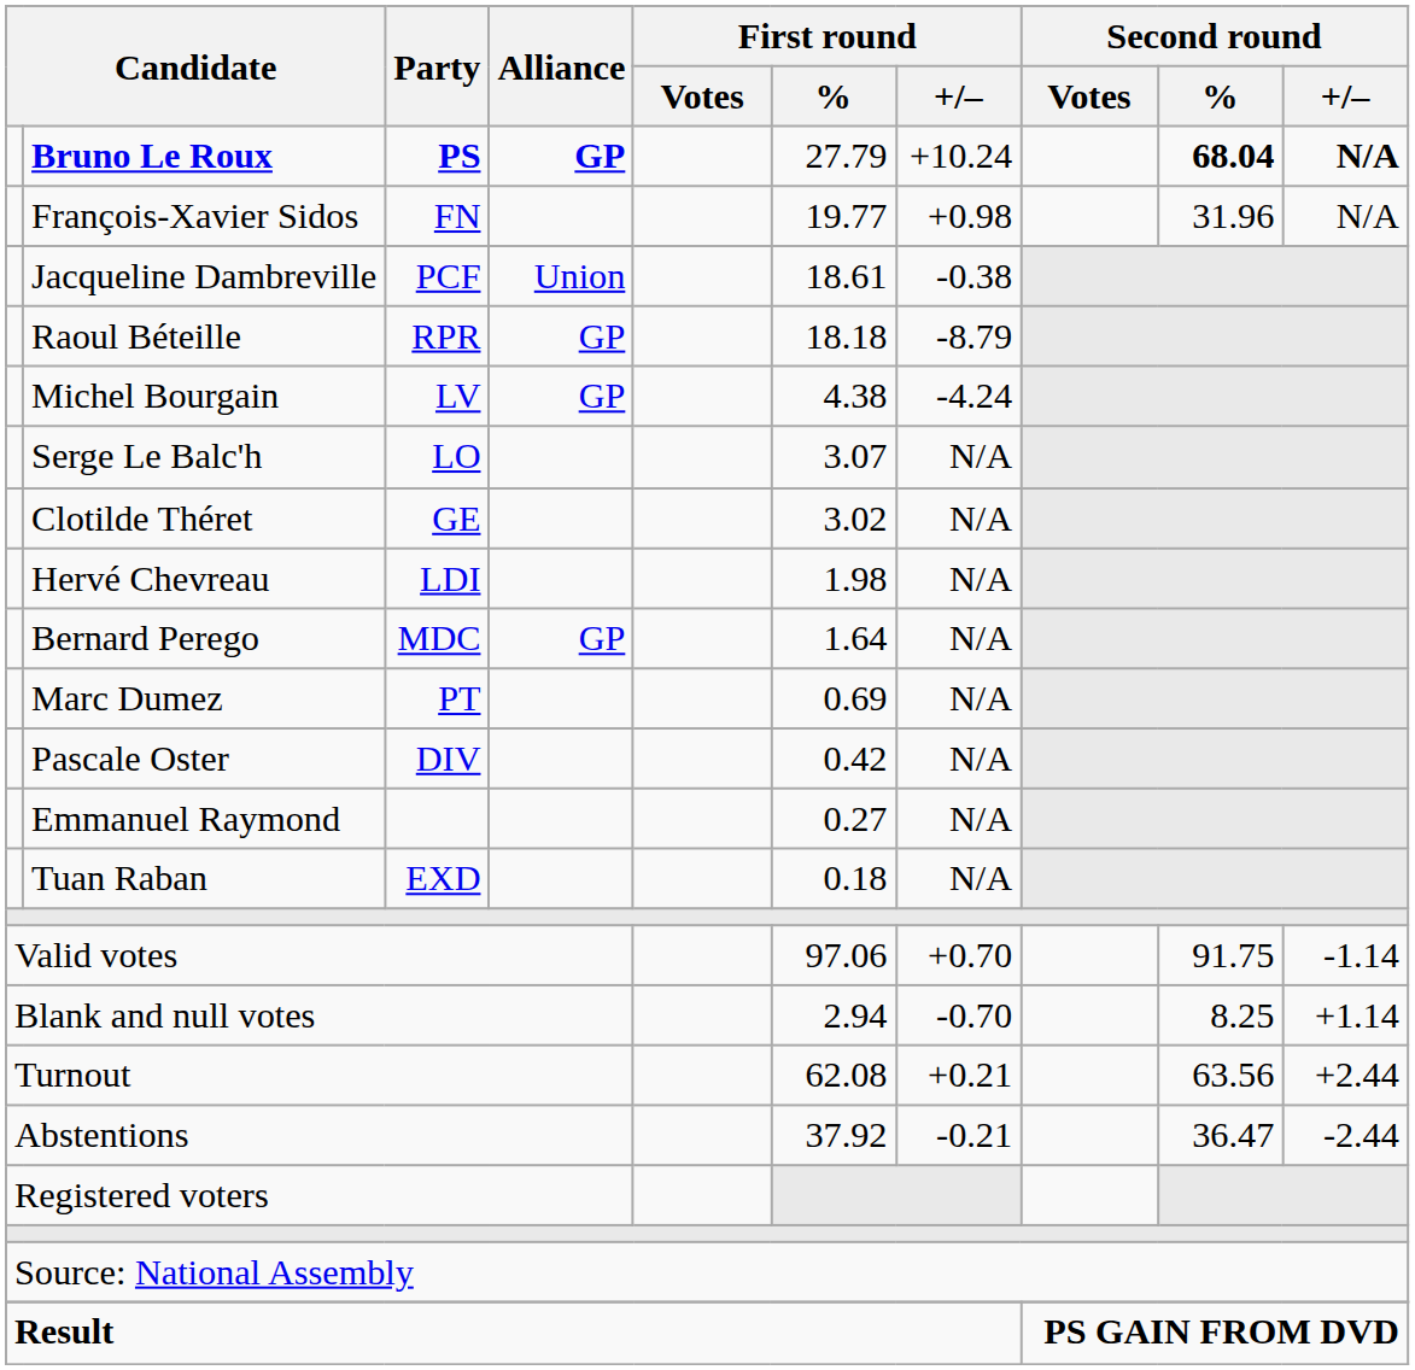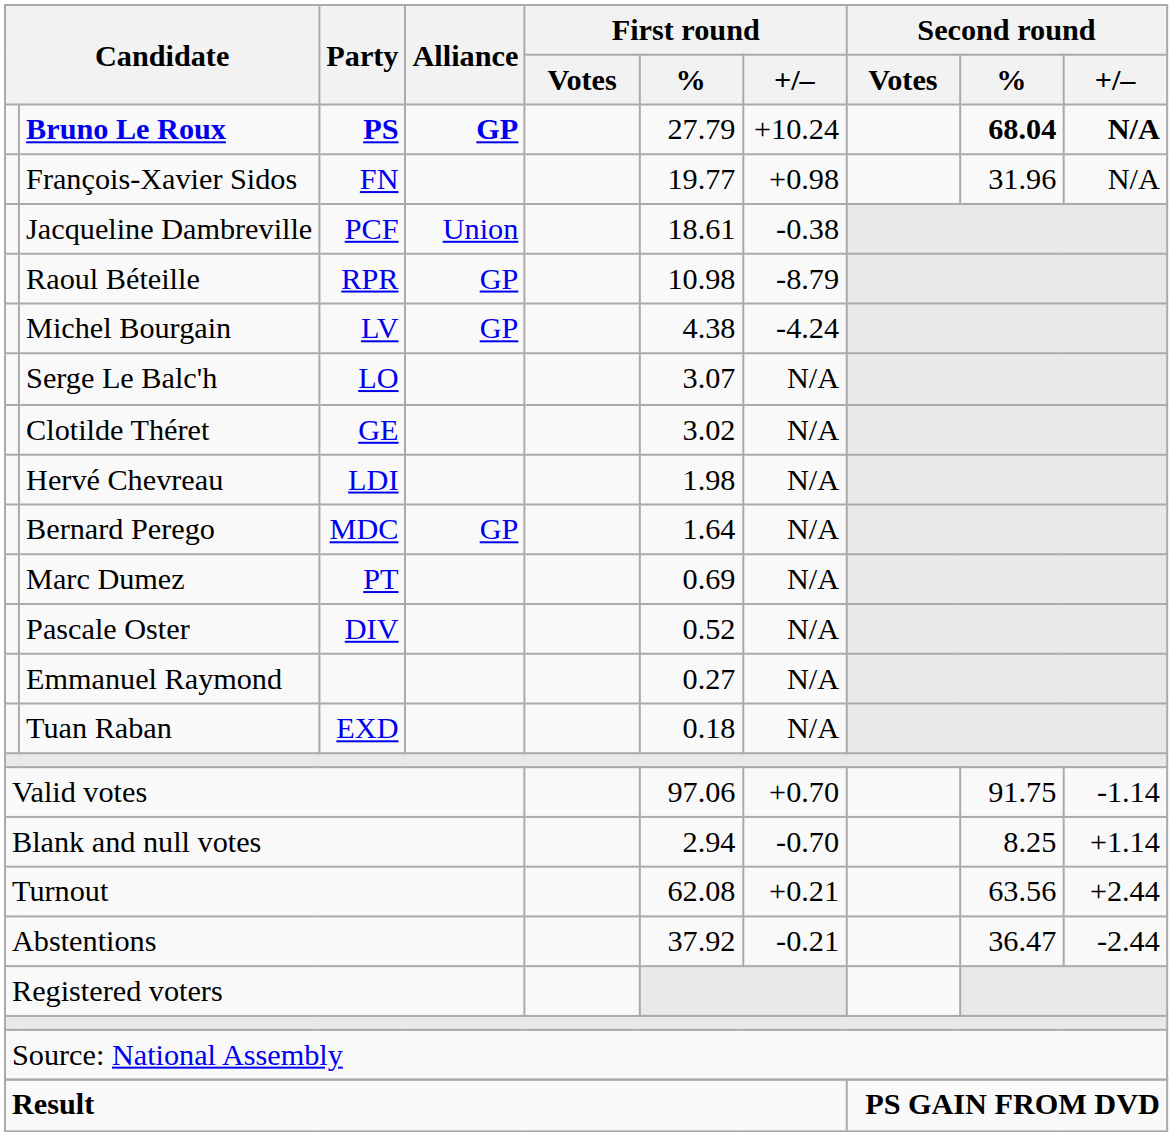 <table class="wikitable" style="text-align:right;font-size:95%;">
 <tr>
 <th rowspan="2" colspan="2">Candidate</th>
 <th rowspan="2">Party</th>
 <th rowspan="2">Alliance</th>
 <th colspan="3">First round</th>
 <th colspan="3">Second round</th>
 </tr>
 <tr>
 <th style="width:50px;">Votes</th>
 <th style="width:45px;">%</th>
 <th style="width:45px;">+/–</th>
 <th style="width:50px;">Votes</th>
 <th style="width:45px;">%</th>
 <th style="width:45px;">+/–</th>
 </tr>
 <tr>
 <td style="color:inherit;background:"></td>
 <td style="text-align:left;"><strong><a href='#'>Bruno Le Roux</a></strong></td>
 <td><a href='#'><strong>PS</strong></a> </td>
 <td><a href='#'><strong>GP</strong></a> </td>
 <td></td>
 <td>27.79</td>
 <td>+10.24</td>
 <td><strong></strong></td>
 <td><strong>68.04</strong></td>
 <td><strong>N/A</strong></td>
 </tr>
 <tr>
 <td style="color:inherit;background:"></td>
 <td style="text-align:left;">François-Xavier Sidos</td>
 <td><a href='#'>FN</a> </td>
 <td></td>
 <td></td>
 <td>19.77</td>
 <td>+0.98</td>
 <td></td>
 <td>31.96</td>
 <td>N/A</td>
 </tr>
 <tr>
 <td style="color:inherit;background:"></td>
 <td style="text-align:left;">Jacqueline Dambreville</td>
 <td><a href='#'>PCF</a></td>
 <td><a href='#'>Union</a></td>
 <td></td>
 <td>18.61</td>
 <td>-0.38</td>
 <td colspan="3" style="background:#E9E9E9;"></td>
 </tr>
 <tr>
 <td style="color:inherit;background:"></td>
 <td style="text-align:left;">Raoul Béteille</td>
 <td><a href='#'>RPR</a></td>
 <td><a href='#'>GP</a></td>
 <td></td>
-<td>18.18</td>
+<td>10.98</td>
 <td>-8.79</td>
 <td colspan="3" style="background:#E9E9E9;"></td>
 </tr>
 <tr>
 <td style="color:inherit;background:"></td>
 <td style="text-align:left;">Michel Bourgain</td>
 <td><a href='#'>LV</a></td>
 <td><a href='#'>GP</a></td>
 <td></td>
 <td>4.38</td>
 <td>-4.24</td>
 <td colspan="3" style="background:#E9E9E9;"></td>
 </tr>
 <tr>
 <td style="color:inherit;background:"></td>
 <td style="text-align:left;">Serge Le Balc'h</td>
 <td><a href='#'>LO</a></td>
 <td></td>
 <td></td>
 <td>3.07</td>
 <td>N/A</td>
 <td colspan="3" style="background:#E9E9E9;"></td>
 </tr>
 <tr>
 <td style="color:inherit;background:"></td>
 <td style="text-align:left;">Clotilde Théret</td>
 <td><a href='#'>GE</a></td>
 <td></td>
 <td></td>
 <td>3.02</td>
 <td>N/A</td>
 <td colspan="3" style="background:#E9E9E9;"></td>
 </tr>
 <tr>
 <td style="color:inherit;background:"></td>
 <td style="text-align:left;">Hervé Chevreau</td>
 <td><a href='#'>LDI</a></td>
 <td></td>
 <td></td>
 <td>1.98</td>
 <td>N/A</td>
 <td colspan="3" style="background:#E9E9E9;"></td>
 </tr>
 <tr>
 <td style="color:inherit;background:"></td>
 <td style="text-align:left;">Bernard Perego</td>
 <td><a href='#'>MDC</a></td>
 <td><a href='#'>GP</a></td>
 <td></td>
 <td>1.64</td>
 <td>N/A</td>
 <td colspan="3" style="background:#E9E9E9;"></td>
 </tr>
 <tr>
 <td style="color:inherit;background:"></td>
 <td style="text-align:left;">Marc Dumez</td>
 <td><a href='#'>PT</a></td>
 <td></td>
 <td></td>
 <td>0.69</td>
 <td>N/A</td>
 <td colspan="3" style="background:#E9E9E9;"></td>
 </tr>
 <tr>
 <td style="color:inherit;background:"></td>
 <td style="text-align:left;">Pascale Oster</td>
 <td><a href='#'>DIV</a></td>
 <td></td>
 <td></td>
-<td>0.42</td>
+<td>0.52</td>
 <td>N/A</td>
 <td colspan="3" style="background:#E9E9E9;"></td>
 </tr>
 <tr>
 <td style="color:inherit;background:"></td>
 <td style="text-align:left;">Emmanuel Raymond</td>
 <td></td>
 <td></td>
 <td></td>
 <td>0.27</td>
 <td>N/A</td>
 <td colspan="3" style="background:#E9E9E9;"></td>
 </tr>
 <tr>
 <td style="color:inherit;background:"></td>
 <td style="text-align:left;">Tuan Raban</td>
 <td><a href='#'>EXD</a></td>
 <td></td>
 <td></td>
 <td>0.18</td>
 <td>N/A</td>
 <td colspan="3" style="background:#E9E9E9;"></td>
 </tr>
 <tr>
 <td colspan="10" style="background:#E9E9E9;"></td>
 </tr>
 <tr>
 <td colspan="4" style="text-align:left;">Valid votes</td>
 <td></td>
 <td>97.06</td>
 <td>+0.70</td>
 <td></td>
 <td>91.75</td>
 <td>-1.14</td>
 </tr>
 <tr>
 <td colspan="4" style="text-align:left;">Blank and null votes</td>
 <td></td>
 <td>2.94</td>
 <td>-0.70</td>
 <td></td>
 <td>8.25</td>
 <td>+1.14</td>
 </tr>
 <tr>
 <td colspan="4" style="text-align:left;">Turnout</td>
 <td></td>
 <td>62.08</td>
 <td>+0.21</td>
 <td></td>
 <td>63.56</td>
 <td>+2.44</td>
 </tr>
 <tr>
 <td colspan="4" style="text-align:left;">Abstentions</td>
 <td></td>
 <td>37.92</td>
 <td>-0.21</td>
 <td></td>
 <td>36.47</td>
 <td>-2.44</td>
 </tr>
 <tr>
 <td colspan="4" style="text-align:left;">Registered voters</td>
 <td></td>
 <td colspan="2" style="background:#E9E9E9;"></td>
 <td></td>
 <td colspan="2" style="background:#E9E9E9;"></td>
 </tr>
 <tr>
 <td colspan="10" style="background:#E9E9E9;"></td>
 </tr>
 <tr>
 <td colspan="10" style="text-align:left;">Source: <a href='#'>National Assembly</a></td>
 </tr>
 <tr>
 </tr>
 <tr style="font-weight:bold">
 <td colspan="7" style="text-align:left;">Result</td>
 <td colspan="7" style="background-color:">PS GAIN FROM DVD</td>
 </tr>
 </table>
